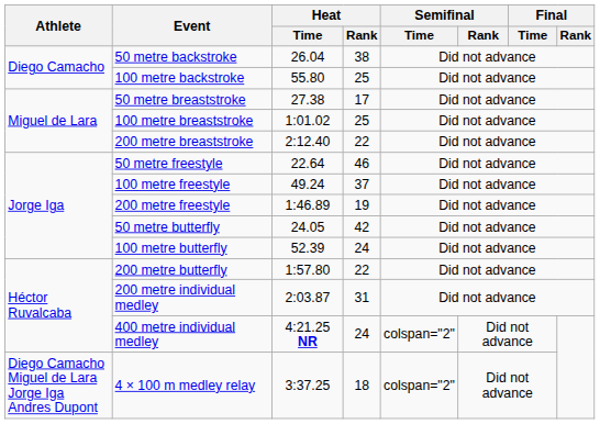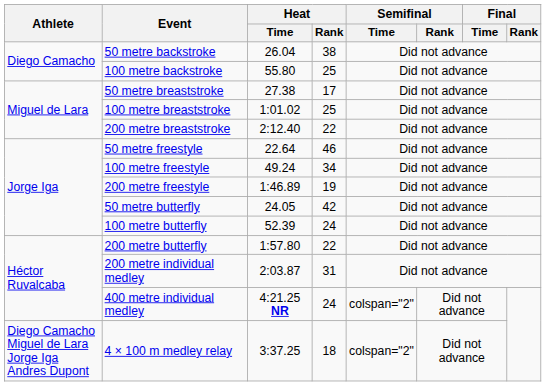 <table class="wikitable" style="text-align:center; font-size:90%; width:50%;">
 <tr>
 <th rowspan="2">Athlete</th>
 <th rowspan="2">Event</th>
 <th colspan="2">Heat</th>
 <th colspan="2">Semifinal</th>
 <th colspan="2">Final</th>
 </tr>
 <tr style="font-size:95%">
 <th>Time</th>
 <th>Rank</th>
 <th>Time</th>
 <th>Rank</th>
 <th>Time</th>
 <th>Rank</th>
 </tr>
 <tr>
 <td align=left rowspan=2><a href='#'>Diego Camacho</a></td>
 <td align=left><a href='#'>50 metre backstroke</a></td>
 <td>26.04</td>
 <td>38</td>
 <td colspan=4>Did not advance</td>
 </tr>
 <tr>
 <td align=left><a href='#'>100 metre backstroke</a></td>
 <td>55.80</td>
 <td>25</td>
 <td colspan=4>Did not advance</td>
 </tr>
 <tr align=center>
 <td align=left rowspan=3><a href='#'>Miguel de Lara</a></td>
 <td align=left><a href='#'>50 metre breaststroke</a></td>
 <td>27.38</td>
 <td>17</td>
 <td colspan=4>Did not advance</td>
 </tr>
 <tr align=center>
 <td align=left><a href='#'>100 metre breaststroke</a></td>
 <td>1:01.02</td>
 <td>25</td>
 <td colspan=4>Did not advance</td>
 </tr>
 <tr align=center>
 <td align=left><a href='#'>200 metre breaststroke</a></td>
 <td>2:12.40</td>
 <td>22</td>
 <td colspan=4>Did not advance</td>
 </tr>
 <tr align=center>
 <td align=left rowspan=5><a href='#'>Jorge Iga</a></td>
 <td align=left><a href='#'>50 metre freestyle</a></td>
 <td>22.64</td>
 <td>46</td>
 <td colspan=4>Did not advance</td>
 </tr>
 <tr align=center>
 <td align=left><a href='#'>100 metre freestyle</a></td>
 <td>49.24</td>
-<td>37</td>
+<td>34</td>
 <td colspan=4>Did not advance</td>
 </tr>
 <tr align=center>
 <td align=left><a href='#'>200 metre freestyle</a></td>
 <td>1:46.89</td>
 <td>19</td>
 <td colspan=4>Did not advance</td>
 </tr>
 <tr align=center>
 <td align=left><a href='#'>50 metre butterfly</a></td>
 <td>24.05</td>
 <td>42</td>
 <td colspan=4>Did not advance</td>
 </tr>
 <tr align=center>
 <td align=left><a href='#'>100 metre butterfly</a></td>
 <td>52.39</td>
 <td>24</td>
 <td colspan=4>Did not advance</td>
 </tr>
 <tr align=center>
 <td align=left rowspan="3"><a href='#'>Héctor Ruvalcaba</a></td>
 <td align=left><a href='#'>200 metre butterfly</a></td>
 <td>1:57.80</td>
 <td>22</td>
 <td colspan=4>Did not advance</td>
 </tr>
 <tr align=center>
 <td align=left><a href='#'>200 metre individual medley</a></td>
 <td>2:03.87</td>
 <td>31</td>
 <td colspan=4>Did not advance</td>
 </tr>
 <tr align=center>
 <td align=left><a href='#'>400 metre individual medley</a></td>
 <td>4:21.25 <strong><a href='#'>NR</a></strong></td>
 <td>24</td>
 <td>colspan="2" </td>
 <td colspan="2">Did not advance</td>
 </tr>
 <tr>
 <td align=left><a href='#'>Diego Camacho</a> <br><a href='#'>Miguel de Lara</a> <br><a href='#'>Jorge Iga</a><br><a href='#'>Andres Dupont</a></td>
 <td align=left><a href='#'>4 × 100 m medley relay</a></td>
 <td>3:37.25</td>
 <td>18</td>
 <td>colspan="2" </td>
 <td colspan=2>Did not advance</td>
 </tr>
 </table>
